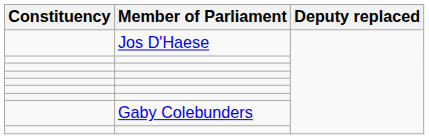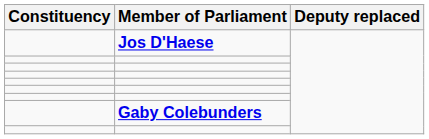 <table class="wikitable">
 <tr>
 <th>Constituency</th>
 <th>Member of Parliament</th>
 <th>Deputy replaced</th>
 </tr>
 <tr>
 <td></td>
-<td><a href='#'>Jos D'Haese</a></td>
+<td><strong><a href='#'>Jos D'Haese</a></strong></td>
 <td rowspan="9"></td>
 </tr>
 <tr>
 <td></td>
 <td></td>
 </tr>
 <tr>
 <td></td>
 <td></td>
 </tr>
 <tr>
 <td></td>
 <td></td>
 </tr>
 <tr>
 <td></td>
 <td></td>
 </tr>
 <tr>
 <td></td>
 <td></td>
 </tr>
 <tr>
 <td></td>
 <td></td>
 </tr>
 <tr>
 <td></td>
-<td><a href='#'>Gaby Colebunders</a></td>
+<td><strong><a href='#'>Gaby Colebunders</a></strong></td>
 </tr>
 <tr>
 <td></td>
 <td></td>
 </tr>
 </table>
